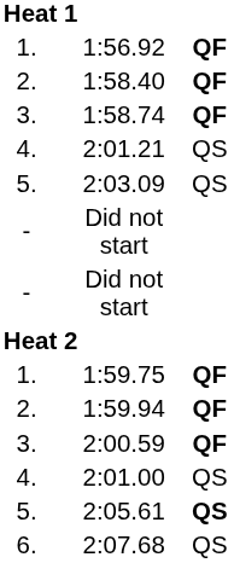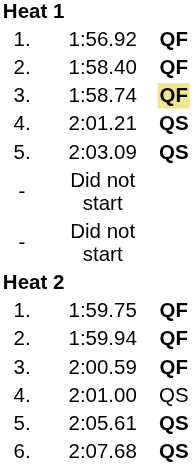 <table style="text-align:center">
 <tr>
 <td colspan=4 align=left><strong>Heat 1</strong></td>
 </tr>
 <tr>
 <td width=30>1.</td>
 <td align=left></td>
 <td width=80>1:56.92</td>
 <td><strong>QF</strong></td>
 </tr>
 <tr>
 <td>2.</td>
 <td align=left></td>
 <td>1:58.40</td>
 <td><strong>QF</strong></td>
 </tr>
 <tr>
 <td>3.</td>
 <td align=left></td>
 <td>1:58.74</td>
-<td><strong>QF</strong></td>
+<td style="background: khaki;"><strong>QF</strong></td>
 </tr>
 <tr>
 <td>4.</td>
 <td align=left></td>
 <td>2:01.21</td>
-<td>QS</td>
+<td><strong>QS</strong></td>
 </tr>
 <tr>
 <td>5.</td>
 <td align=left></td>
 <td>2:03.09</td>
-<td>QS</td>
+<td><strong>QS</strong></td>
 </tr>
 <tr>
 <td>-</td>
 <td align=left></td>
 <td>Did not start</td>
 <td></td>
 </tr>
 <tr>
 <td>-</td>
 <td align=left></td>
 <td>Did not start</td>
 <td></td>
 </tr>
 <tr>
 <td colspan=4 align=left><strong>Heat 2</strong></td>
 </tr>
 <tr>
 <td>1.</td>
 <td align=left></td>
 <td>1:59.75</td>
 <td><strong>QF</strong></td>
 </tr>
 <tr>
 <td>2.</td>
 <td align=left></td>
 <td>1:59.94</td>
 <td><strong>QF</strong></td>
 </tr>
 <tr>
 <td>3.</td>
 <td align=left></td>
 <td>2:00.59</td>
 <td><strong>QF</strong></td>
 </tr>
 <tr>
 <td>4.</td>
 <td align=left></td>
 <td>2:01.00</td>
 <td>QS</td>
 </tr>
 <tr>
 <td>5.</td>
 <td align=left></td>
 <td>2:05.61</td>
 <td><strong>QS</strong></td>
 </tr>
 <tr>
 <td>6.</td>
 <td align=left></td>
 <td>2:07.68</td>
-<td>QS</td>
+<td><strong>QS</strong></td>
 </tr>
 </table>
